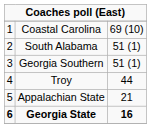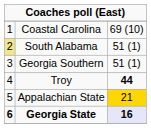 <table class="wikitable">
 <tr align="center">
 <td align="center" Colspan="3"><strong>Coaches poll (East)</strong></td>
 </tr>
 <tr align="center">
 </tr>
 <tr align="center">
 <td>1</td>
 <td>Coastal Carolina</td>
 <td>69 (10)</td>
 </tr>
 <tr align="center">
-<td>2</td>
+<td style="background: khaki;">2</td>
 <td>South Alabama</td>
 <td>51 (1)</td>
 </tr>
 <tr align="center">
 <td>3</td>
 <td>Georgia Southern</td>
 <td>51 (1)</td>
 </tr>
 <tr align="center">
 <td>4</td>
 <td>Troy</td>
-<td>44</td>
+<td><strong>44</strong></td>
 </tr>
 <tr align="center">
 <td>5</td>
 <td>Appalachian State</td>
-<td>21</td>
+<td style="background: gold;">21</td>
 </tr>
 <tr align="center">
 <td><strong>6</strong></td>
 <td><strong>Georgia State</strong></td>
-<td><strong>16</strong></td>
+<td style="background: lavender;"><strong>16</strong></td>
 </tr>
 <tr align="center">
 </tr>
 </table>
